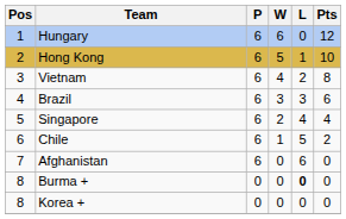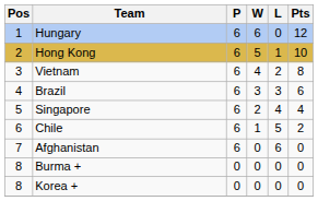 <table class="wikitable" style="font-size: 100%">
 <tr>
 <th width=15>Pos</th>
 <th width=250>Team</th>
 <th width=20>P</th>
 <th width=20>W</th>
 <th width=20>L</th>
 <th width=20>Pts</th>
 </tr>
 <tr align=center style="background: #b2ccf4;">
 <td>1</td>
 <td align="left"> Hungary</td>
 <td>6</td>
 <td>6</td>
 <td>0</td>
 <td>12</td>
 </tr>
 <tr align=center style="background: #DBB84D;">
 <td>2</td>
 <td align="left"> Hong Kong</td>
 <td>6</td>
 <td>5</td>
 <td>1</td>
 <td>10</td>
 </tr>
 <tr align=center>
 <td>3</td>
 <td align="left"> Vietnam</td>
 <td>6</td>
 <td>4</td>
 <td>2</td>
 <td>8</td>
 </tr>
 <tr align=center>
 <td>4</td>
 <td align="left"> Brazil</td>
 <td>6</td>
 <td>3</td>
 <td>3</td>
 <td>6</td>
 </tr>
 <tr align=center>
 <td>5</td>
 <td align="left"> Singapore</td>
 <td>6</td>
 <td>2</td>
 <td>4</td>
 <td>4</td>
 </tr>
 <tr align=center>
 <td>6</td>
 <td align="left"> Chile</td>
 <td>6</td>
 <td>1</td>
 <td>5</td>
 <td>2</td>
 </tr>
 <tr align=center>
 <td>7</td>
 <td align="left"> Afghanistan</td>
 <td>6</td>
 <td>0</td>
 <td>6</td>
 <td>0</td>
 </tr>
 <tr align=center>
 <td>8</td>
 <td align="left"> Burma +</td>
 <td>0</td>
 <td>0</td>
-<td><strong>0</strong></td>
+<td>0</td>
 <td>0</td>
 </tr>
 <tr align=center>
 <td>8</td>
 <td align="left"> Korea +</td>
 <td>0</td>
 <td>0</td>
 <td>0</td>
 <td>0</td>
 </tr>
 <tr align=center>
 </tr>
 </table>
